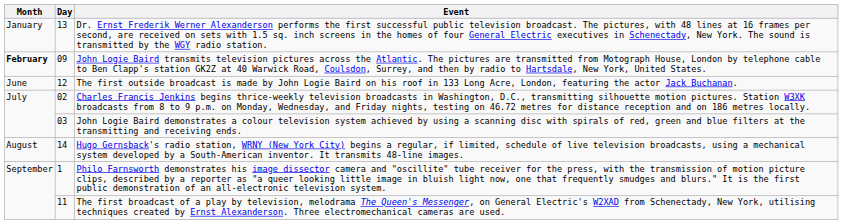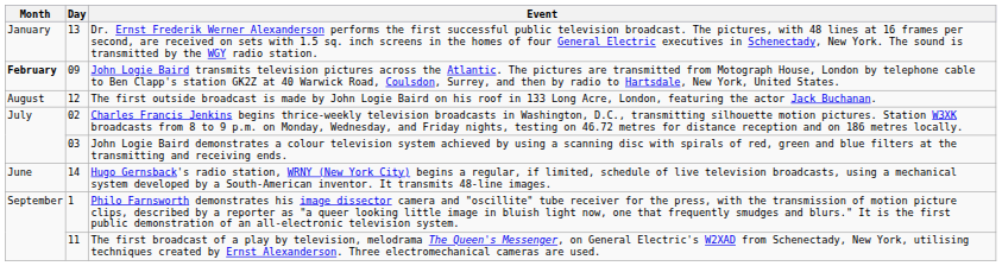 <table width=100% class="wikitable">
 <tr bgcolor="#CCCCFF" align="left">
 <th>Month</th>
 <th>Day</th>
 <th>Event</th>
 </tr>
 <tr valign="top">
 <td>January</td>
 <td>13</td>
 <td>Dr. <a href='#'>Ernst Frederik Werner Alexanderson</a> performs the first successful public television broadcast. The pictures, with 48 lines at 16 frames per second, are received on sets with 1.5 sq. inch screens in the homes of four <a href='#'>General Electric</a> executives in <a href='#'>Schenectady</a>, New York. The sound is transmitted by the <a href='#'>WGY</a> radio station.</td>
 </tr>
 <tr valign="top">
 <td><strong>February</strong></td>
 <td>09</td>
 <td><a href='#'>John Logie Baird</a> transmits television pictures across the <a href='#'>Atlantic</a>. The pictures are transmitted from Motograph House, London by telephone cable to Ben Clapp's station GK2Z at 40 Warwick Road, <a href='#'>Coulsdon</a>, Surrey, and then by radio to <a href='#'>Hartsdale</a>, New York, United States.</td>
 </tr>
 <tr valign="top">
-<td>June</td>
+<td>August</td>
 <td>12</td>
 <td>The first outside broadcast is made by John Logie Baird on his roof in 133 Long Acre, London, featuring the actor <a href='#'>Jack Buchanan</a>.</td>
 </tr>
 <tr valign="top">
 <td rowspan="2" valign="top">July</td>
 <td>02</td>
 <td><a href='#'>Charles Francis Jenkins</a> begins thrice-weekly television broadcasts in Washington, D.C., transmitting silhouette motion pictures. Station <a href='#'>W3XK</a> broadcasts from 8 to 9 p.m. on Monday, Wednesday, and Friday nights, testing on 46.72 metres for distance reception and on 186 metres locally.</td>
 </tr>
 <tr valign="top">
 <td>03</td>
 <td>John Logie Baird demonstrates a colour television system achieved by using a scanning disc with spirals of red, green and blue filters at the transmitting and receiving ends.</td>
 </tr>
 <tr valign="top">
-<td>August</td>
+<td>June</td>
 <td>14</td>
 <td><a href='#'>Hugo Gernsback</a>'s radio station, <a href='#'>WRNY (New York City)</a> begins a regular, if limited, schedule of live television broadcasts, using a mechanical system developed by a South-American inventor. It transmits 48-line images.</td>
 </tr>
 <tr valign="top">
 <td rowspan="2" valign="top">September</td>
 <td>1</td>
 <td><a href='#'>Philo Farnsworth</a> demonstrates his <a href='#'>image dissector</a> camera and "oscillite" tube receiver for the press, with the transmission of motion picture clips, described by a reporter as "a queer looking little image in bluish light now, one that frequently smudges and blurs." It is the first public demonstration of an all-electronic television system.</td>
 </tr>
 <tr valign="top">
 <td>11</td>
 <td>The first broadcast of a play by television, melodrama <em><a href='#'>The Queen's Messenger</a></em>, on General Electric's <a href='#'>W2XAD</a> from Schenectady, New York, utilising techniques created by <a href='#'>Ernst Alexanderson</a>. Three electromechanical cameras are used.</td>
 </tr>
 </table>
